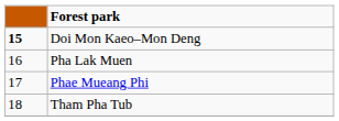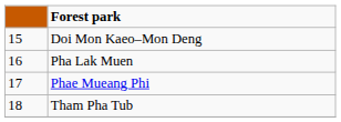 <table class= "wikitable" style= "width:30%; display:inline-table;">
 <tr>
 <td style="width:3%; background:#C65900;"> </td>
 <td style="width:27%;"><strong>Forest park</strong></td>
 </tr>
 <tr>
-<td><strong>15</strong></td>
+<td>15</td>
 <td>Doi Mon Kaeo–Mon Deng</td>
 </tr>
 <tr>
 <td>16</td>
 <td>Pha Lak Muen</td>
 </tr>
 <tr>
 <td>17</td>
 <td><a href='#'>Phae Mueang Phi</a></td>
 </tr>
 <tr>
 <td>18</td>
 <td>Tham Pha Tub</td>
 </tr>
 <tr>
 </tr>
 </table>
